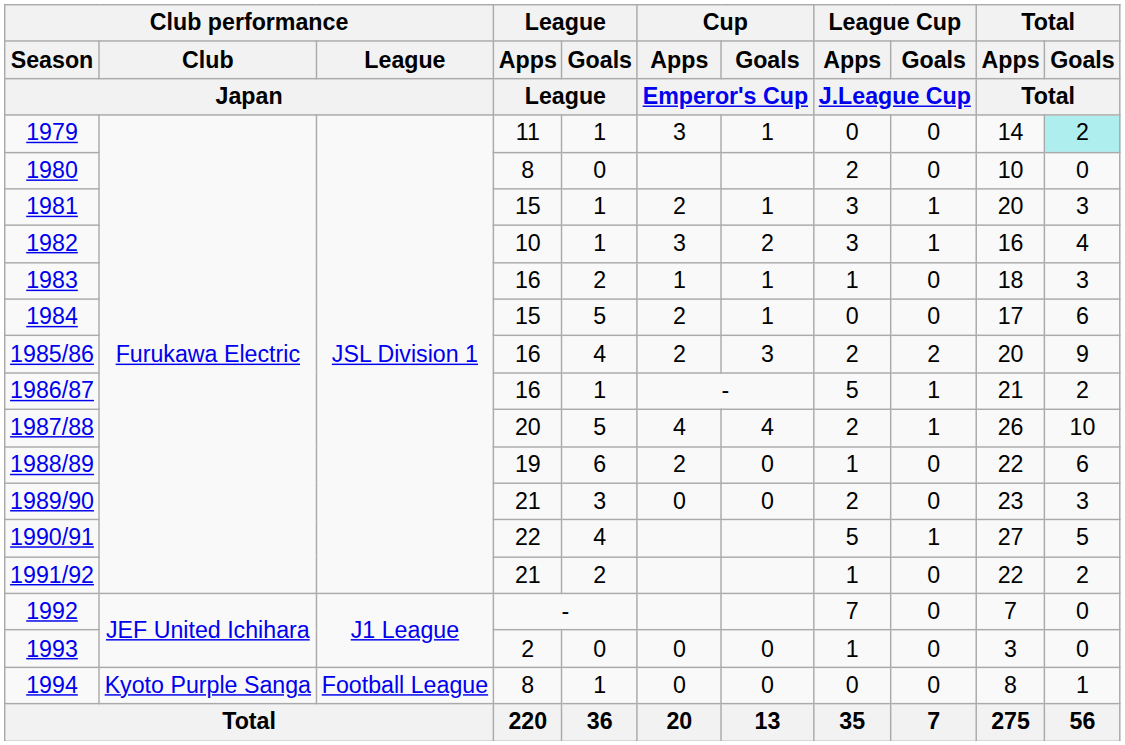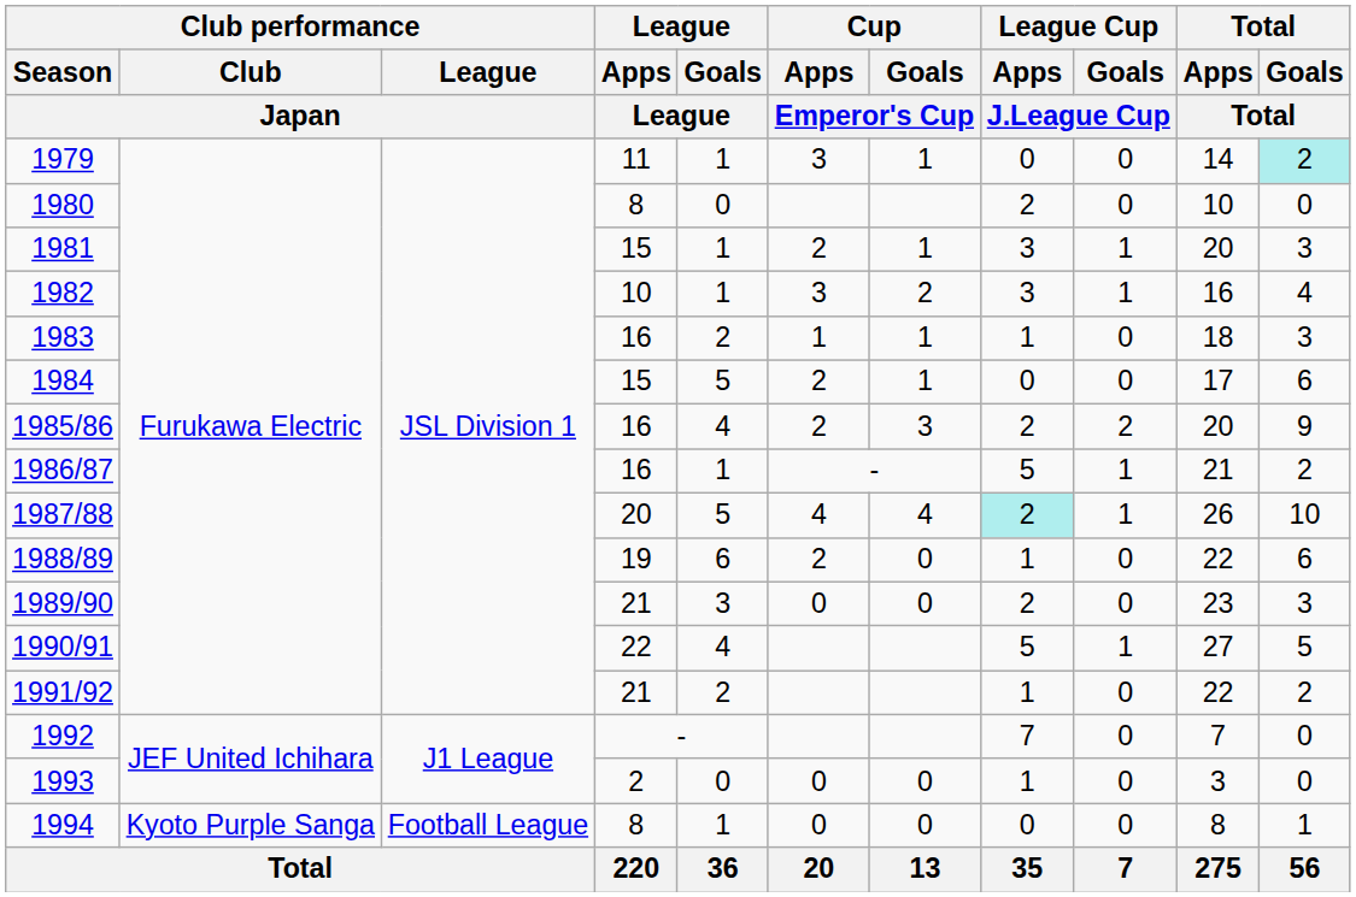 <table class="wikitable" style="text-align:center;">
 <tr>
 <th colspan=3>Club performance</th>
 <th colspan=2>League</th>
 <th colspan=2>Cup</th>
 <th colspan=2>League Cup</th>
 <th colspan=2>Total</th>
 </tr>
 <tr>
 <th>Season</th>
 <th>Club</th>
 <th>League</th>
 <th>Apps</th>
 <th>Goals</th>
 <th>Apps</th>
 <th>Goals</th>
 <th>Apps</th>
 <th>Goals</th>
 <th>Apps</th>
 <th>Goals</th>
 </tr>
 <tr>
 <th colspan=3>Japan</th>
 <th colspan=2>League</th>
 <th colspan=2><a href='#'>Emperor's Cup</a></th>
 <th colspan=2><a href='#'>J.League Cup</a></th>
 <th colspan=2>Total</th>
 </tr>
 <tr>
 <td><a href='#'>1979</a></td>
 <td rowspan="13"><a href='#'>Furukawa Electric</a></td>
 <td rowspan="13"><a href='#'>JSL Division 1</a></td>
 <td>11</td>
 <td>1</td>
 <td>3</td>
 <td>1</td>
 <td>0</td>
 <td>0</td>
 <td>14</td>
 <td style="background: paleturquoise;">2</td>
 </tr>
 <tr>
 <td><a href='#'>1980</a></td>
 <td>8</td>
 <td>0</td>
 <td></td>
 <td></td>
 <td>2</td>
 <td>0</td>
 <td>10</td>
 <td>0</td>
 </tr>
 <tr>
 <td><a href='#'>1981</a></td>
 <td>15</td>
 <td>1</td>
 <td>2</td>
 <td>1</td>
 <td>3</td>
 <td>1</td>
 <td>20</td>
 <td>3</td>
 </tr>
 <tr>
 <td><a href='#'>1982</a></td>
 <td>10</td>
 <td>1</td>
 <td>3</td>
 <td>2</td>
 <td>3</td>
 <td>1</td>
 <td>16</td>
 <td>4</td>
 </tr>
 <tr>
 <td><a href='#'>1983</a></td>
 <td>16</td>
 <td>2</td>
 <td>1</td>
 <td>1</td>
 <td>1</td>
 <td>0</td>
 <td>18</td>
 <td>3</td>
 </tr>
 <tr>
 <td><a href='#'>1984</a></td>
 <td>15</td>
 <td>5</td>
 <td>2</td>
 <td>1</td>
 <td>0</td>
 <td>0</td>
 <td>17</td>
 <td>6</td>
 </tr>
 <tr>
 <td><a href='#'>1985/86</a></td>
 <td>16</td>
 <td>4</td>
 <td>2</td>
 <td>3</td>
 <td>2</td>
 <td>2</td>
 <td>20</td>
 <td>9</td>
 </tr>
 <tr>
 <td><a href='#'>1986/87</a></td>
 <td>16</td>
 <td>1</td>
 <td colspan="2">-</td>
 <td>5</td>
 <td>1</td>
 <td>21</td>
 <td>2</td>
 </tr>
 <tr>
 <td><a href='#'>1987/88</a></td>
 <td>20</td>
 <td>5</td>
 <td>4</td>
 <td>4</td>
-<td>2</td>
+<td style="background: paleturquoise;">2</td>
 <td>1</td>
 <td>26</td>
 <td>10</td>
 </tr>
 <tr>
 <td><a href='#'>1988/89</a></td>
 <td>19</td>
 <td>6</td>
 <td>2</td>
 <td>0</td>
 <td>1</td>
 <td>0</td>
 <td>22</td>
 <td>6</td>
 </tr>
 <tr>
 <td><a href='#'>1989/90</a></td>
 <td>21</td>
 <td>3</td>
 <td>0</td>
 <td>0</td>
 <td>2</td>
 <td>0</td>
 <td>23</td>
 <td>3</td>
 </tr>
 <tr>
 <td><a href='#'>1990/91</a></td>
 <td>22</td>
 <td>4</td>
 <td></td>
 <td></td>
 <td>5</td>
 <td>1</td>
 <td>27</td>
 <td>5</td>
 </tr>
 <tr>
 <td><a href='#'>1991/92</a></td>
 <td>21</td>
 <td>2</td>
 <td></td>
 <td></td>
 <td>1</td>
 <td>0</td>
 <td>22</td>
 <td>2</td>
 </tr>
 <tr>
 <td><a href='#'>1992</a></td>
 <td rowspan="2"><a href='#'>JEF United Ichihara</a></td>
 <td rowspan="2"><a href='#'>J1 League</a></td>
 <td colspan="2">-</td>
 <td></td>
 <td></td>
 <td>7</td>
 <td>0</td>
 <td>7</td>
 <td>0</td>
 </tr>
 <tr>
 <td><a href='#'>1993</a></td>
 <td>2</td>
 <td>0</td>
 <td>0</td>
 <td>0</td>
 <td>1</td>
 <td>0</td>
 <td>3</td>
 <td>0</td>
 </tr>
 <tr>
 <td><a href='#'>1994</a></td>
 <td><a href='#'>Kyoto Purple Sanga</a></td>
 <td><a href='#'>Football League</a></td>
 <td>8</td>
 <td>1</td>
 <td>0</td>
 <td>0</td>
 <td>0</td>
 <td>0</td>
 <td>8</td>
 <td>1</td>
 </tr>
 <tr>
 <th colspan=3>Total</th>
 <th>220</th>
 <th>36</th>
 <th>20</th>
 <th>13</th>
 <th>35</th>
 <th>7</th>
 <th>275</th>
 <th>56</th>
 </tr>
 </table>
